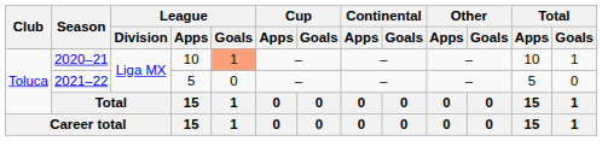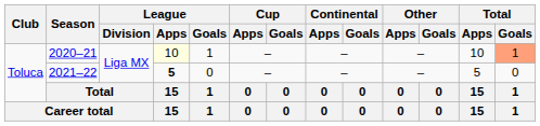 <table class="wikitable" style="text-align: center">
 <tr>
 <th rowspan="2">Club</th>
 <th rowspan="2">Season</th>
 <th colspan="3">League</th>
 <th colspan="2">Cup</th>
 <th colspan="2">Continental</th>
 <th colspan="2">Other</th>
 <th colspan="2">Total</th>
 </tr>
 <tr>
 <th>Division</th>
 <th>Apps</th>
 <th>Goals</th>
 <th>Apps</th>
 <th>Goals</th>
 <th>Apps</th>
 <th>Goals</th>
 <th>Apps</th>
 <th>Goals</th>
 <th>Apps</th>
 <th>Goals</th>
 </tr>
 <tr>
 <td rowspan=3><a href='#'>Toluca</a></td>
 <td><a href='#'>2020–21</a></td>
 <td rowspan=2><a href='#'>Liga MX</a></td>
-<td>10</td>
-<td style="background: lightsalmon;">1</td>
+<td style="background: lightyellow;">10</td>
+<td>1</td>
 <td colspan="2">–</td>
 <td colspan="2">–</td>
 <td colspan="2">–</td>
 <td>10</td>
-<td>1</td>
+<td style="background: lightsalmon;">1</td>
 </tr>
 <tr>
 <td><a href='#'>2021–22</a></td>
-<td>5</td>
+<td><strong>5</strong></td>
 <td>0</td>
 <td colspan="2">–</td>
 <td colspan="2">–</td>
 <td colspan="2">–</td>
 <td>5</td>
 <td>0</td>
 </tr>
 <tr>
 <th colspan=2>Total</th>
 <th>15</th>
 <th>1</th>
 <th>0</th>
 <th>0</th>
 <th>0</th>
 <th>0</th>
 <th>0</th>
 <th>0</th>
 <th>15</th>
 <th>1</th>
 </tr>
 <tr>
 <th colspan=3>Career total</th>
 <th>15</th>
 <th>1</th>
 <th>0</th>
 <th>0</th>
 <th>0</th>
 <th>0</th>
 <th>0</th>
 <th>0</th>
 <th>15</th>
 <th>1</th>
 </tr>
 </table>
